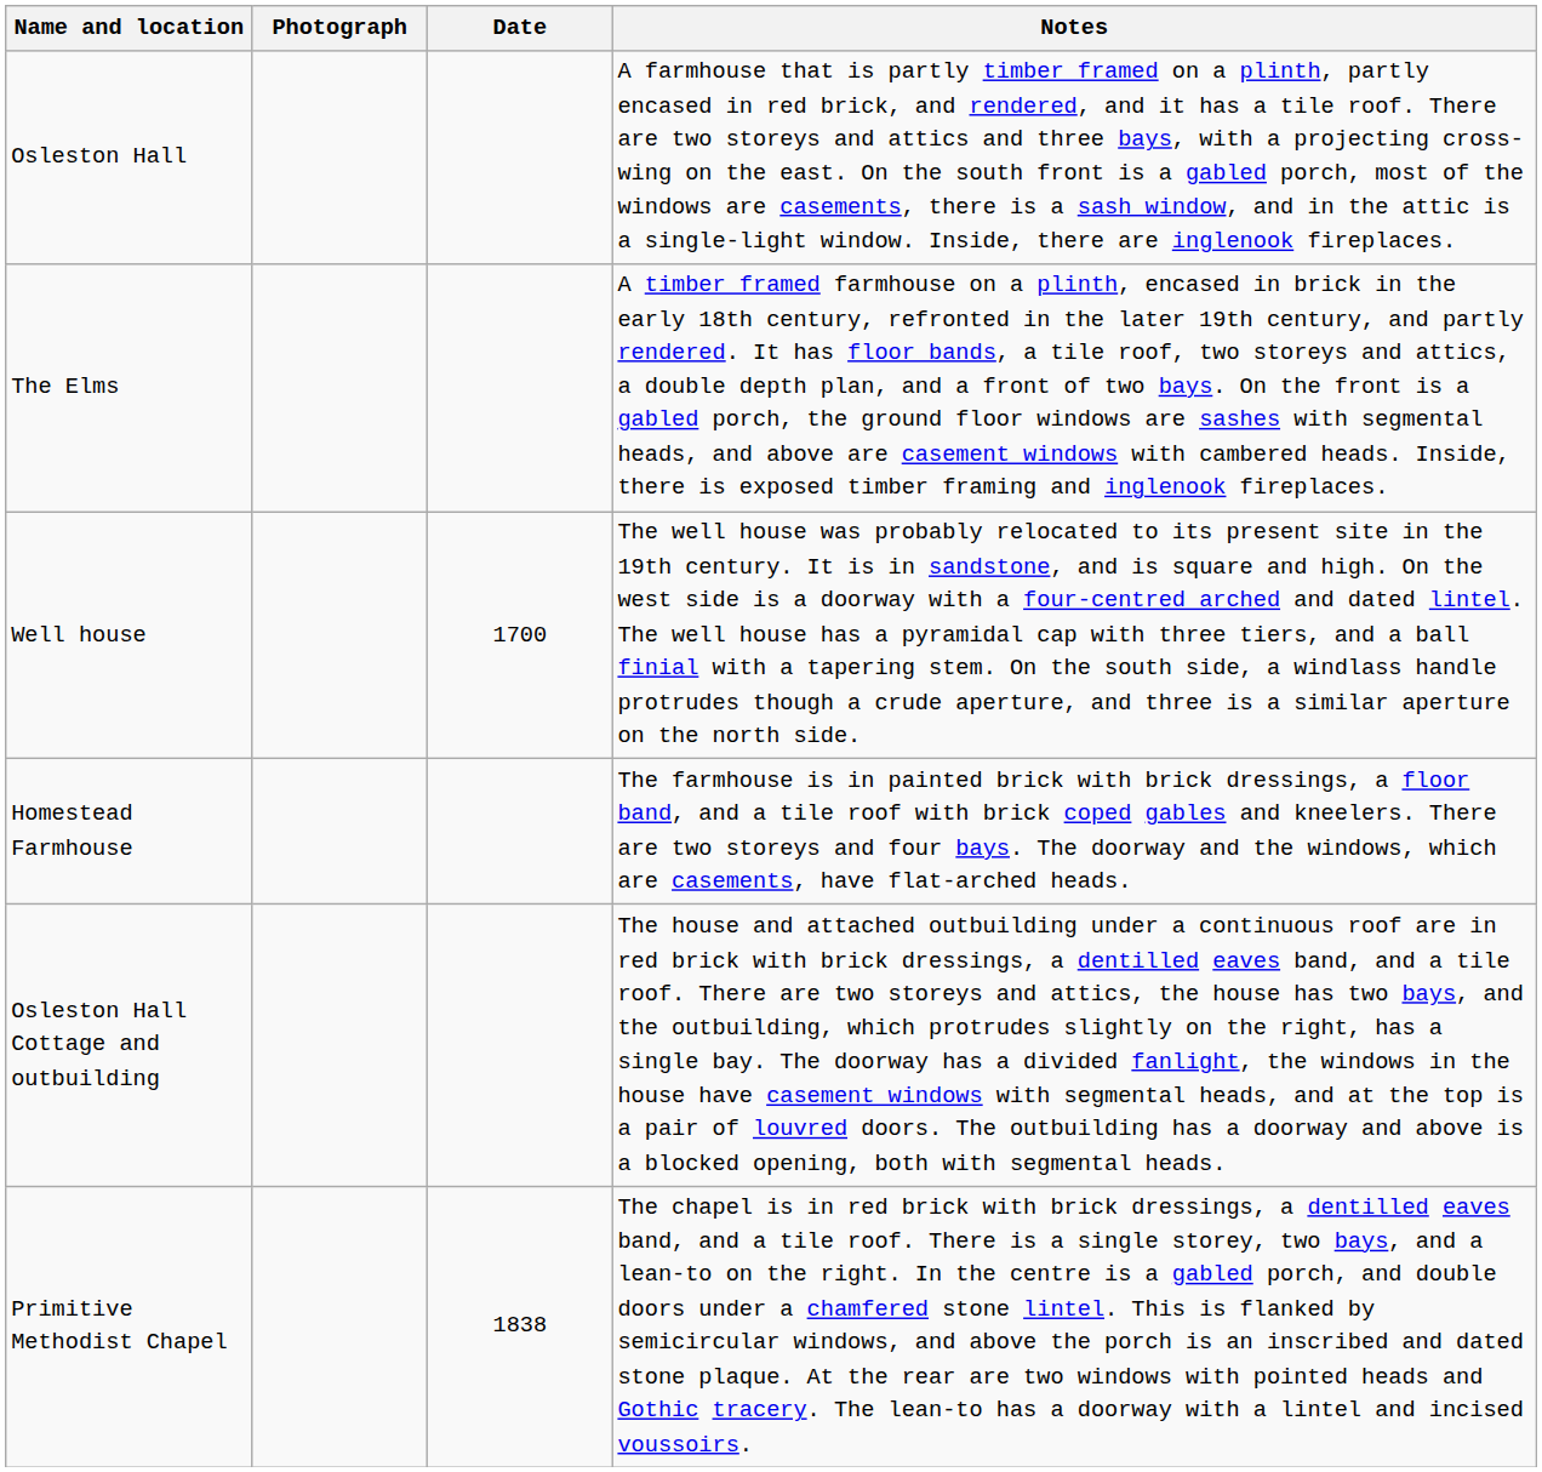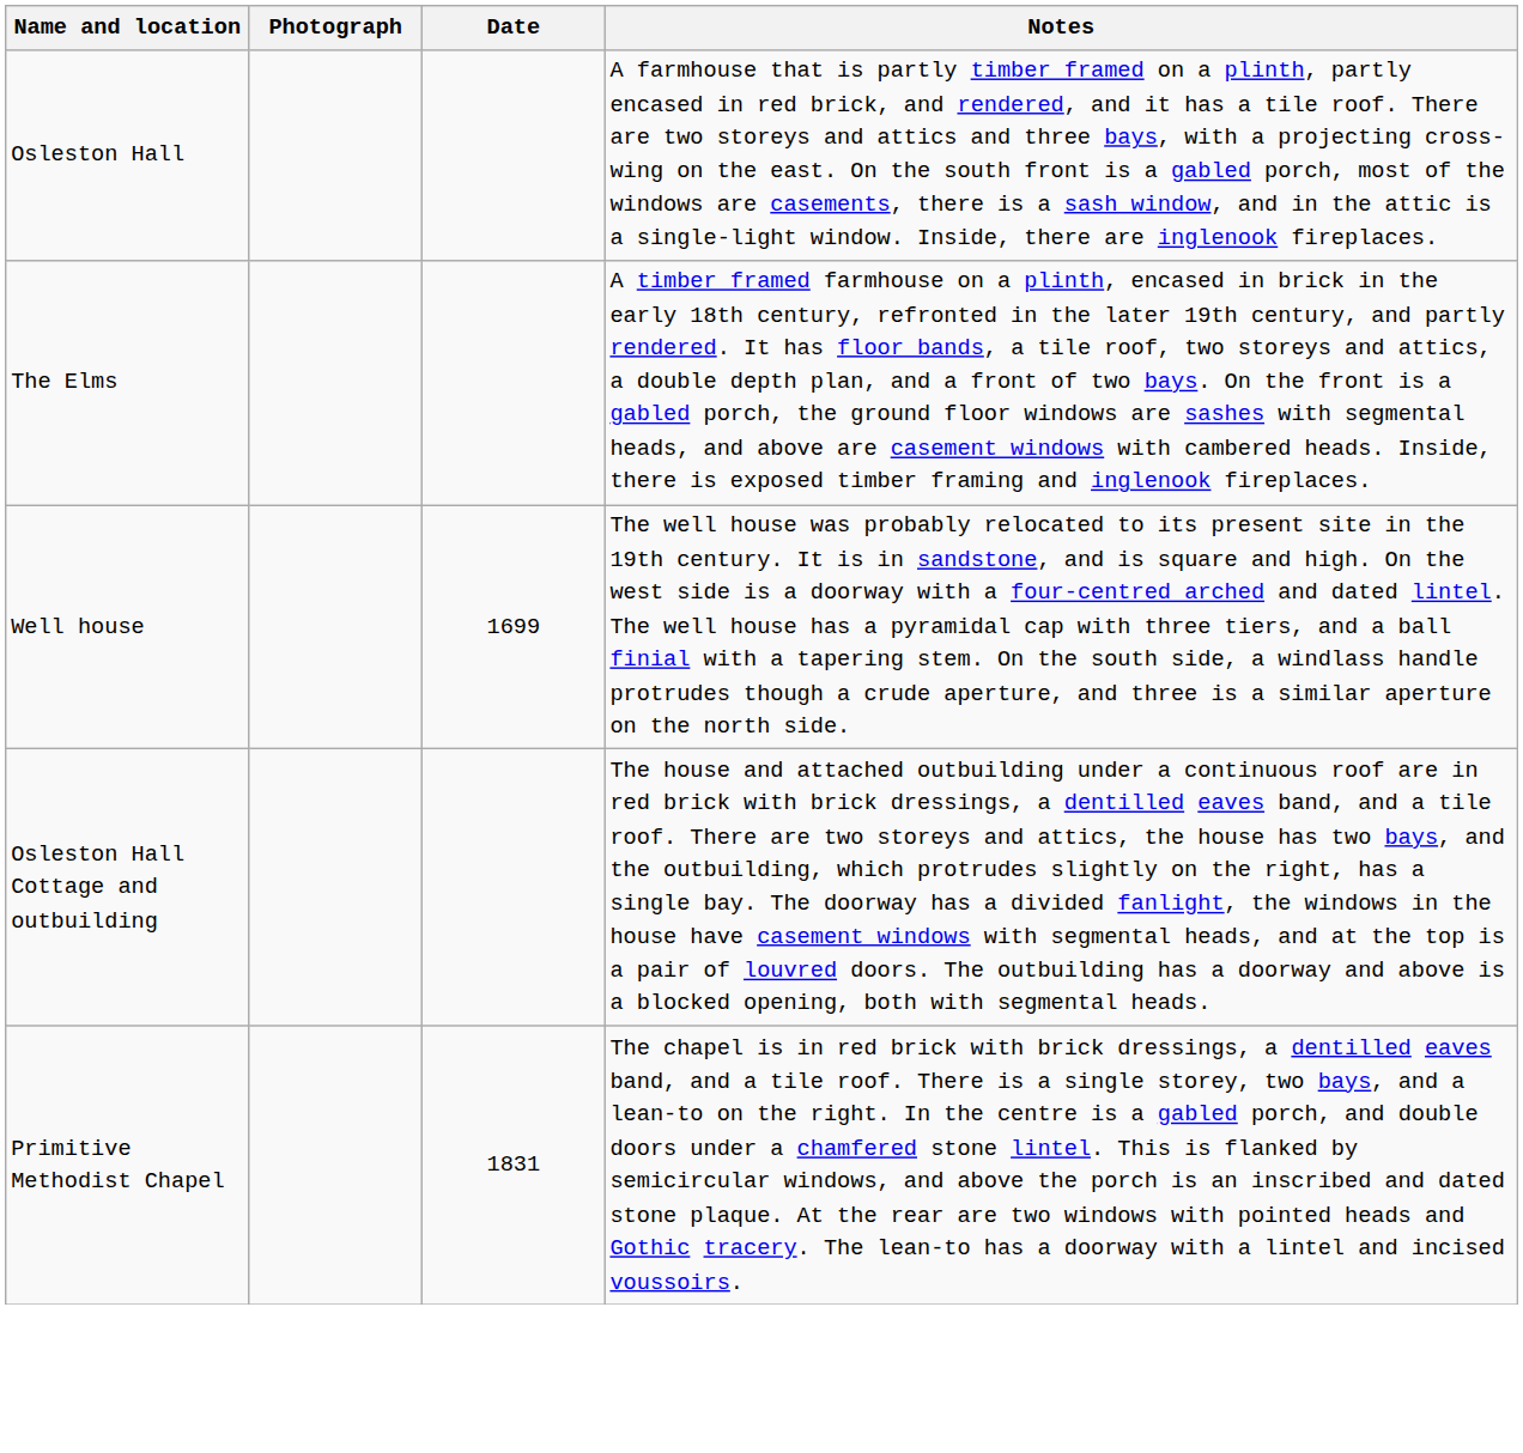 <table class="wikitable sortable plainrowheaders" style="width:100%;border:0px;text-align:left;line-height:150%;">
 <tr>
 <th scope="col"  style="width:150px">Name and location</th>
 <th scope="col"  style="width:100px" class="unsortable">Photograph</th>
 <th scope="col"  style="width:120px">Date</th>
 <th scope="col"  style="width:650px" class="unsortable">Notes</th>
 </tr>
 <tr>
 <td>Osleston Hall<br><small></small></td>
 <td></td>
 <td align="center"></td>
 <td>A farmhouse that is partly <a href='#'>timber framed</a> on a <a href='#'>plinth</a>, partly encased in red brick, and <a href='#'>rendered</a>, and it has a tile roof.  There are two storeys and attics and three <a href='#'>bays</a>, with a projecting cross-wing on the east.  On the south front is a <a href='#'>gabled</a> porch, most of the windows are <a href='#'>casements</a>, there is a <a href='#'>sash window</a>, and in the attic is a single-light window.  Inside, there are <a href='#'>inglenook</a> fireplaces.</td>
 </tr>
 <tr>
 <td>The Elms<br><small></small></td>
 <td></td>
 <td align="center"></td>
 <td>A <a href='#'>timber framed</a> farmhouse on a <a href='#'>plinth</a>, encased in brick in the early 18th century, refronted in the later 19th century, and partly <a href='#'>rendered</a>.  It has <a href='#'>floor bands</a>, a tile roof, two storeys and attics, a double depth plan, and a front of two <a href='#'>bays</a>.  On the front is a <a href='#'>gabled</a> porch, the ground floor windows are <a href='#'>sashes</a> with segmental heads, and above are <a href='#'>casement windows</a> with cambered heads.  Inside, there is exposed timber framing and <a href='#'>inglenook</a> fireplaces.</td>
 </tr>
 <tr>
 <td>Well house<br><small></small></td>
 <td></td>
-<td align="center">1700</td>
+<td align="center">1699</td>
 <td>The well house was probably relocated to its present site in the 19th century.  It is in <a href='#'>sandstone</a>, and is  square and  high.  On the west side is a doorway with a <a href='#'>four-centred arched</a> and dated <a href='#'>lintel</a>.  The well house has a pyramidal cap with three tiers, and a ball <a href='#'>finial</a> with a tapering stem.  On the south side, a windlass handle protrudes though a crude aperture, and three is a similar aperture on the north side.</td>
-</tr>
-<tr>
-<td>Homestead Farmhouse<br><small></small></td>
-<td></td>
-<td align="center"></td>
-<td>The farmhouse is in painted brick with brick dressings, a <a href='#'>floor band</a>, and a tile roof with brick <a href='#'>coped</a> <a href='#'>gables</a> and kneelers.  There are two storeys and four <a href='#'>bays</a>.  The doorway and the windows, which are <a href='#'>casements</a>, have flat-arched heads.</td>
 </tr>
 <tr>
 <td>Osleston Hall Cottage and outbuilding<br><small></small></td>
 <td></td>
 <td align="center"></td>
 <td>The house and attached outbuilding under a continuous roof are in red brick with brick dressings, a <a href='#'>dentilled</a> <a href='#'>eaves</a> band, and a tile roof.  There are two storeys and attics, the house has two <a href='#'>bays</a>, and the outbuilding, which protrudes slightly on the right, has a single bay.  The doorway has a divided <a href='#'>fanlight</a>, the windows in the house have <a href='#'>casement windows</a> with segmental heads, and at the top is a pair of <a href='#'>louvred</a> doors.  The outbuilding has a doorway and above is a blocked opening, both with segmental heads.</td>
 </tr>
 <tr>
 <td>Primitive Methodist Chapel<br><small></small></td>
 <td></td>
-<td align="center">1838</td>
+<td align="center">1831</td>
 <td>The chapel is in red brick with brick dressings, a <a href='#'>dentilled</a> <a href='#'>eaves</a> band, and a tile roof.  There is a single storey, two <a href='#'>bays</a>, and a lean-to on the right.  In the centre is a <a href='#'>gabled</a> porch, and double doors under a <a href='#'>chamfered</a> stone <a href='#'>lintel</a>.  This is flanked by semicircular windows, and above the porch is an inscribed and dated stone plaque.  At the rear are two windows with pointed heads and <a href='#'>Gothic</a> <a href='#'>tracery</a>. The lean-to has a doorway with a lintel and incised <a href='#'>voussoirs</a>.</td>
 </tr>
 <tr>
 </tr>
 </table>
